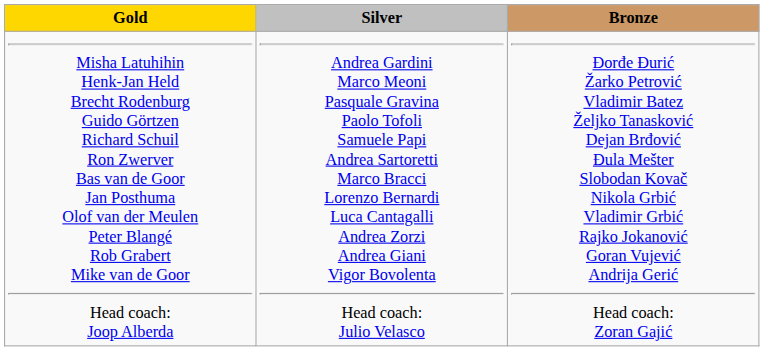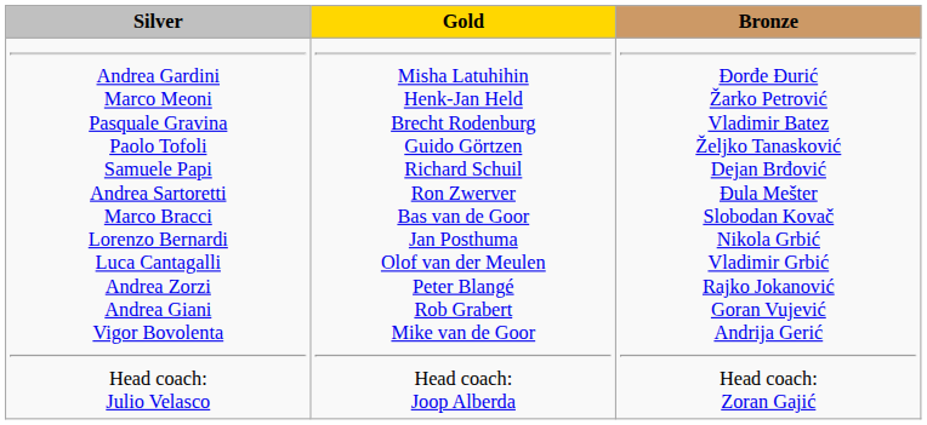 <table class="wikitable" style="text-align:center; font-size:95%;">
 <tr>
+<th style="width:15em; background:silver">Silver</th>
 <th style="width:15em; background:gold">Gold</th>
-<th style="width:15em; background:silver">Silver</th>
 <th style="width:15em; background:#cc9966">Bronze</th>
 </tr>
 <tr>
+<td><hr><a href='#'>Andrea Gardini</a><br><a href='#'>Marco Meoni</a><br><a href='#'>Pasquale Gravina</a><br><a href='#'>Paolo Tofoli</a><br><a href='#'>Samuele Papi</a><br><a href='#'>Andrea Sartoretti</a><br><a href='#'>Marco Bracci</a><br><a href='#'>Lorenzo Bernardi</a><br><a href='#'>Luca Cantagalli</a><br><a href='#'>Andrea Zorzi</a><br><a href='#'>Andrea Giani</a><br><a href='#'>Vigor Bovolenta</a><br><hr>Head coach:<br><a href='#'>Julio Velasco</a></td>
 <td><hr><a href='#'>Misha Latuhihin</a><br><a href='#'>Henk-Jan Held</a><br><a href='#'>Brecht Rodenburg</a><br><a href='#'>Guido Görtzen</a><br><a href='#'>Richard Schuil</a><br><a href='#'>Ron Zwerver</a><br><a href='#'>Bas van de Goor</a><br><a href='#'>Jan Posthuma</a><br><a href='#'>Olof van der Meulen</a><br><a href='#'>Peter Blangé</a><br><a href='#'>Rob Grabert</a><br><a href='#'>Mike van de Goor</a><br><hr>Head coach:<br><a href='#'>Joop Alberda</a></td>
-<td><hr><a href='#'>Andrea Gardini</a><br><a href='#'>Marco Meoni</a><br><a href='#'>Pasquale Gravina</a><br><a href='#'>Paolo Tofoli</a><br><a href='#'>Samuele Papi</a><br><a href='#'>Andrea Sartoretti</a><br><a href='#'>Marco Bracci</a><br><a href='#'>Lorenzo Bernardi</a><br><a href='#'>Luca Cantagalli</a><br><a href='#'>Andrea Zorzi</a><br><a href='#'>Andrea Giani</a><br><a href='#'>Vigor Bovolenta</a><br><hr>Head coach:<br><a href='#'>Julio Velasco</a></td>
 <td><hr><a href='#'>Đorđe Đurić</a><br><a href='#'>Žarko Petrović</a><br><a href='#'>Vladimir Batez</a><br><a href='#'>Željko Tanasković</a><br><a href='#'>Dejan Brđović</a><br><a href='#'>Đula Mešter</a><br><a href='#'>Slobodan Kovač</a><br><a href='#'>Nikola Grbić</a><br><a href='#'>Vladimir Grbić</a><br><a href='#'>Rajko Jokanović</a><br><a href='#'>Goran Vujević</a><br><a href='#'>Andrija Gerić</a><br><hr>Head coach:<br><a href='#'>Zoran Gajić</a></td>
 </tr>
 </table>
